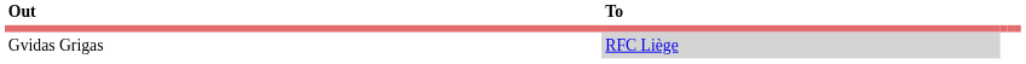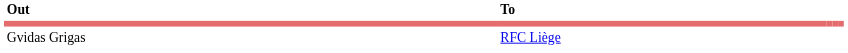 <table cellspacing="0" cellpadding="3" style="width:100%;font-size:90%">
 <tr>
 <td style="width:60%"><strong>Out</strong></td>
 <td style="width:40%"><strong>To</strong></td>
 <td></td>
 </tr>
 <tr style="background-color:#E46C6D;">
 <td></td>
 <td></td>
 <td></td>
 <td></td>
 <td></td>
 </tr>
 <tr>
 <td> Gvidas Grigas</td>
-<td style="background: lightgrey;"> <a href='#'>RFC Liège</a></td>
+<td> <a href='#'>RFC Liège</a></td>
 </tr>
 </table>
